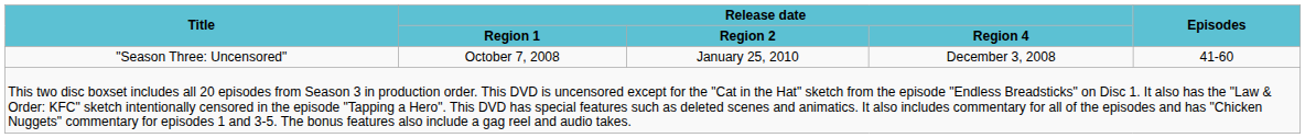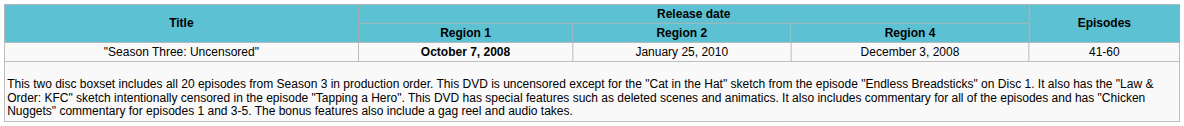 <table class="wikitable">
 <tr>
 <th rowspan="2" style="background-color: #5cc1d3">Title</th>
 <th colspan="3" style="background-color: #5cc1d3">Release date</th>
 <th rowspan="2" style="background-color: #5cc1d3">Episodes</th>
 </tr>
 <tr>
 <th style="background-color: #5cc1d3">Region 1</th>
 <th style="background-color: #5cc1d3">Region 2</th>
 <th style="background-color: #5cc1d3">Region 4</th>
 </tr>
 <tr style="text-align:center;">
 <td>"Season Three: Uncensored"</td>
-<td>October 7, 2008</td>
+<td><strong>October 7, 2008</strong></td>
 <td>January 25, 2010</td>
 <td>December 3, 2008</td>
 <td>41-60</td>
 </tr>
 <tr>
 <td colspan="5"><br>This two disc boxset includes all 20 episodes from Season 3 in production order. This DVD is uncensored except for the "Cat in the Hat" sketch from the episode "Endless Breadsticks" on Disc 1. It also has the "Law & Order: KFC" sketch intentionally censored in the episode "Tapping a Hero". This DVD has special features such as deleted scenes and animatics. It also includes commentary for all of the episodes and has "Chicken Nuggets" commentary for episodes 1 and 3-5. The bonus features also include a gag reel and audio takes.</td>
 </tr>
 </table>
